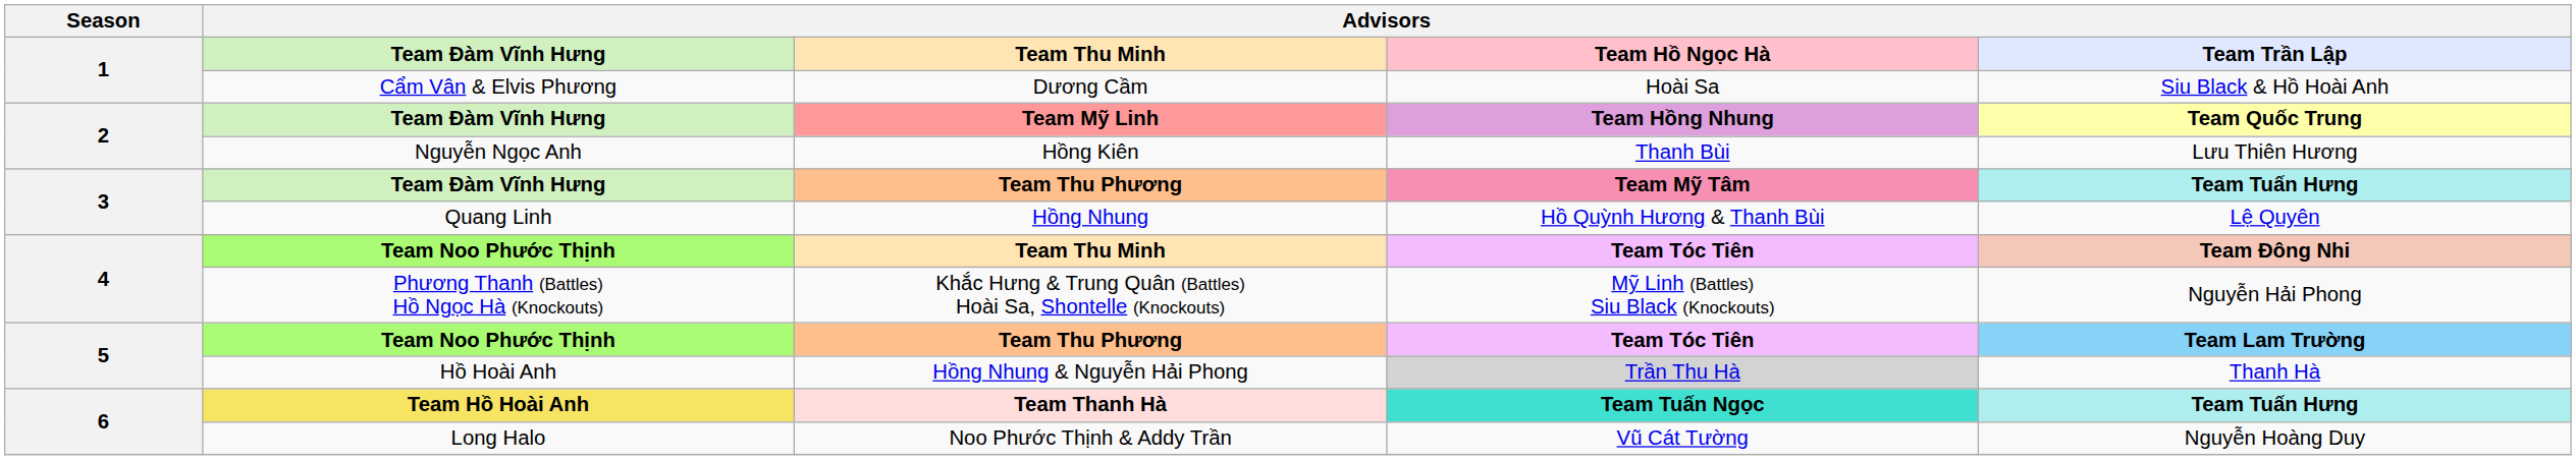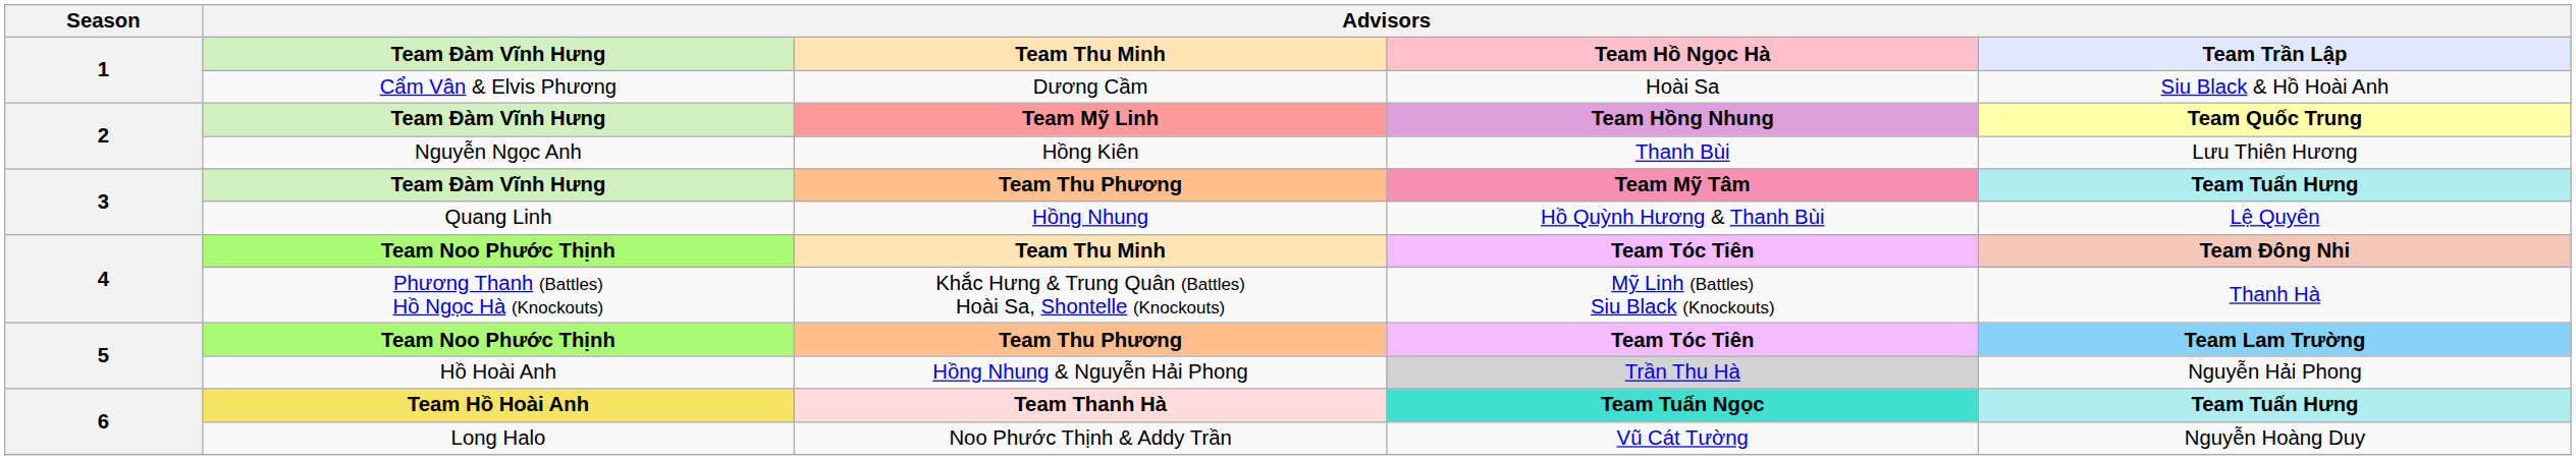 <table class="wikitable" style="text-align:center; width:100%;">
 <tr>
 <th width="05%" scope="col" colspan=1>Season</th>
 <th width="60%" scope="col" colspan=4>Advisors</th>
 </tr>
 <tr>
 <th width="05%" scope="col" rowspan=2>1</th>
 <th width="15%" scope="col" style="background:#d0f0c0;">Team Đàm Vĩnh Hưng</th>
 <th width="15%" scope="col" style="background:#ffe5b4;">Team Thu Minh</th>
 <th width="15%" scope="col" style="background:pink;">Team Hồ Ngọc Hà</th>
 <th width="15%" scope="col" style="background:#E0E8FF;">Team Trần Lập</th>
 </tr>
 <tr>
 <td><a href='#'>Cẩm Vân</a> & Elvis Phương</td>
 <td>Dương Cầm</td>
 <td>Hoài Sa</td>
 <td><a href='#'>Siu Black</a> & Hồ Hoài Anh</td>
 </tr>
 <tr>
 <th rowspan=2>2</th>
 <th width="15%" scope="col" style="background:#d0f0c0;">Team Đàm Vĩnh Hưng</th>
 <th width="15%" scope="col" style="background:#ff9999;">Team Mỹ Linh</th>
 <th width="15%" scope="col" style="background:#dda0dd;">Team Hồng Nhung</th>
 <th width="15%" scope="col" style="background:#FFFFAA;">Team Quốc Trung</th>
 </tr>
 <tr>
 <td>Nguyễn Ngọc Anh</td>
 <td>Hồng Kiên</td>
 <td><a href='#'>Thanh Bùi</a></td>
 <td>Lưu Thiên Hương</td>
 </tr>
 <tr>
 <th rowspan=2>3</th>
 <th width="15%" scope="col" style="background:#d0f0c0;">Team Đàm Vĩnh Hưng</th>
 <th width="15%" scope="col" style="background:#ffbf8c;">Team Thu Phương</th>
 <th width="15%" scope="col" style="background:#F78FB2;">Team Mỹ Tâm</th>
 <th width="15%" scope="col" style="background:#afeeee;">Team Tuấn Hưng</th>
 </tr>
 <tr>
 <td>Quang Linh</td>
 <td><a href='#'>Hồng Nhung</a></td>
 <td><a href='#'>Hồ Quỳnh Hương</a> & <a href='#'>Thanh Bùi</a></td>
 <td><a href='#'>Lệ Quyên</a></td>
 </tr>
 <tr>
 <th rowspan=2>4</th>
 <th width="15%" scope="col" style="background:#aafa73;">Team Noo Phước Thịnh</th>
 <th width="15%" scope="col" style="background:#ffe5b4;">Team Thu Minh</th>
 <th width="15%" scope="col" style="background:#f4bbff;">Team Tóc Tiên</th>
 <th width="15%" scope="col" style="background:#f4c7b8;">Team Đông Nhi</th>
 </tr>
 <tr>
 <td><a href='#'>Phương Thanh</a> <small>(Battles)</small><br><a href='#'>Hồ Ngọc Hà</a> <small>(Knockouts)</small></td>
 <td>Khắc Hưng & Trung Quân <small>(Battles)</small><br>Hoài Sa, <a href='#'>Shontelle</a> <small>(Knockouts)</small></td>
 <td><a href='#'>Mỹ Linh</a> <small>(Battles)</small><br><a href='#'>Siu Black</a> <small>(Knockouts)</small></td>
-<td>Nguyễn Hải Phong</td>
+<td><a href='#'>Thanh Hà</a></td>
 </tr>
 <tr>
 <th rowspan=2>5</th>
 <th width="15%" scope="col" style="background:#aafa73;">Team Noo Phước Thịnh</th>
 <th width="15%" scope="col" style="background:#ffbf8c;">Team Thu Phương</th>
 <th width="15%" scope="col" style="background:#f4bbff;">Team Tóc Tiên</th>
 <th width="15%" scope="col" style="background:#87D3F8;">Team Lam Trường</th>
 </tr>
 <tr>
 <td>Hồ Hoài Anh</td>
 <td><a href='#'>Hồng Nhung</a> & Nguyễn Hải Phong</td>
 <td style="background: lightgrey;"><a href='#'>Trần Thu Hà</a></td>
-<td><a href='#'>Thanh Hà</a></td>
+<td>Nguyễn Hải Phong</td>
 </tr>
 <tr>
 <th rowspan=2>6</th>
 <th width="15%" scope="col" style="background:#f7e463;">Team Hồ Hoài Anh</th>
 <th width="15%" scope="col" style="background:#ffdddd;">Team Thanh Hà</th>
 <th width="15%" scope="col" style="background:turquoise;">Team Tuấn Ngọc</th>
 <th width="15%" scope="col" style="background:#afeeee;">Team Tuấn Hưng</th>
 </tr>
 <tr>
 <td>Long Halo</td>
 <td>Noo Phước Thịnh & Addy Trần</td>
 <td><a href='#'>Vũ Cát Tường</a></td>
 <td>Nguyễn Hoàng Duy</td>
 </tr>
 <tr>
 </tr>
 </table>
